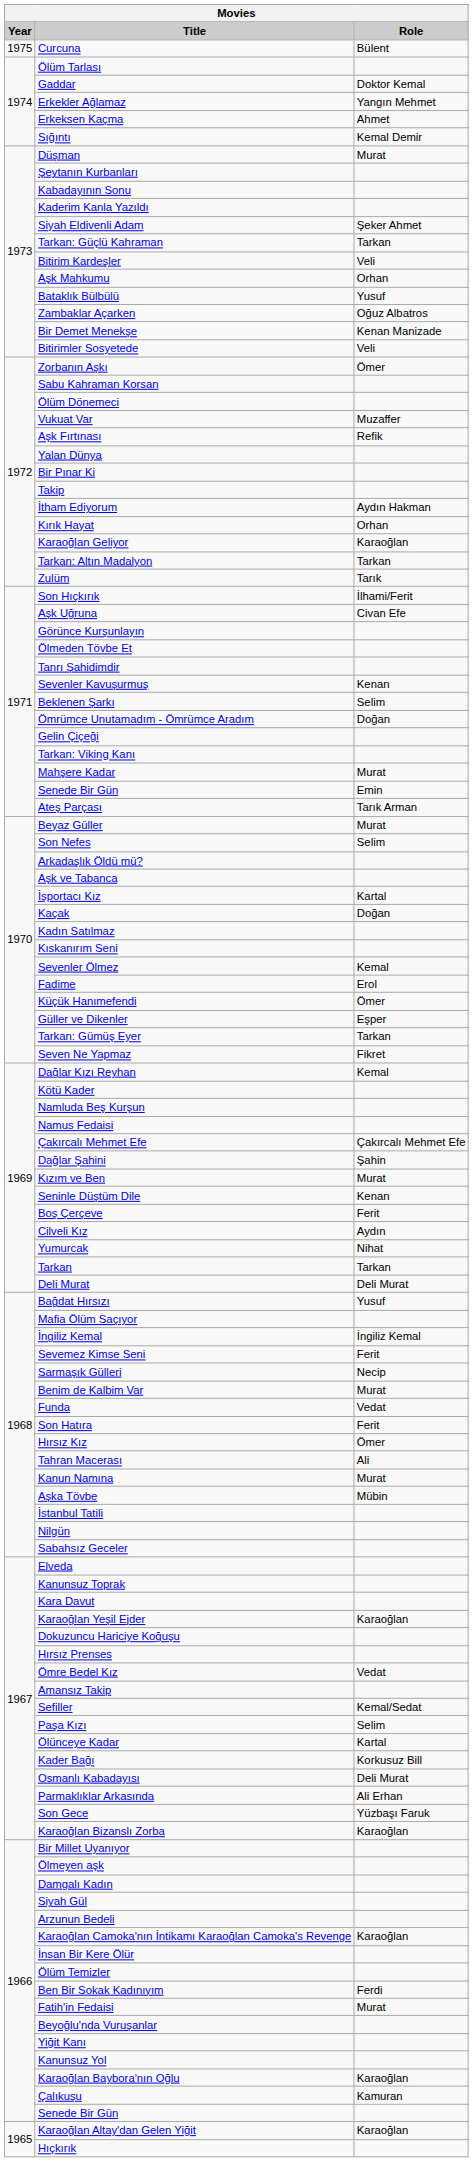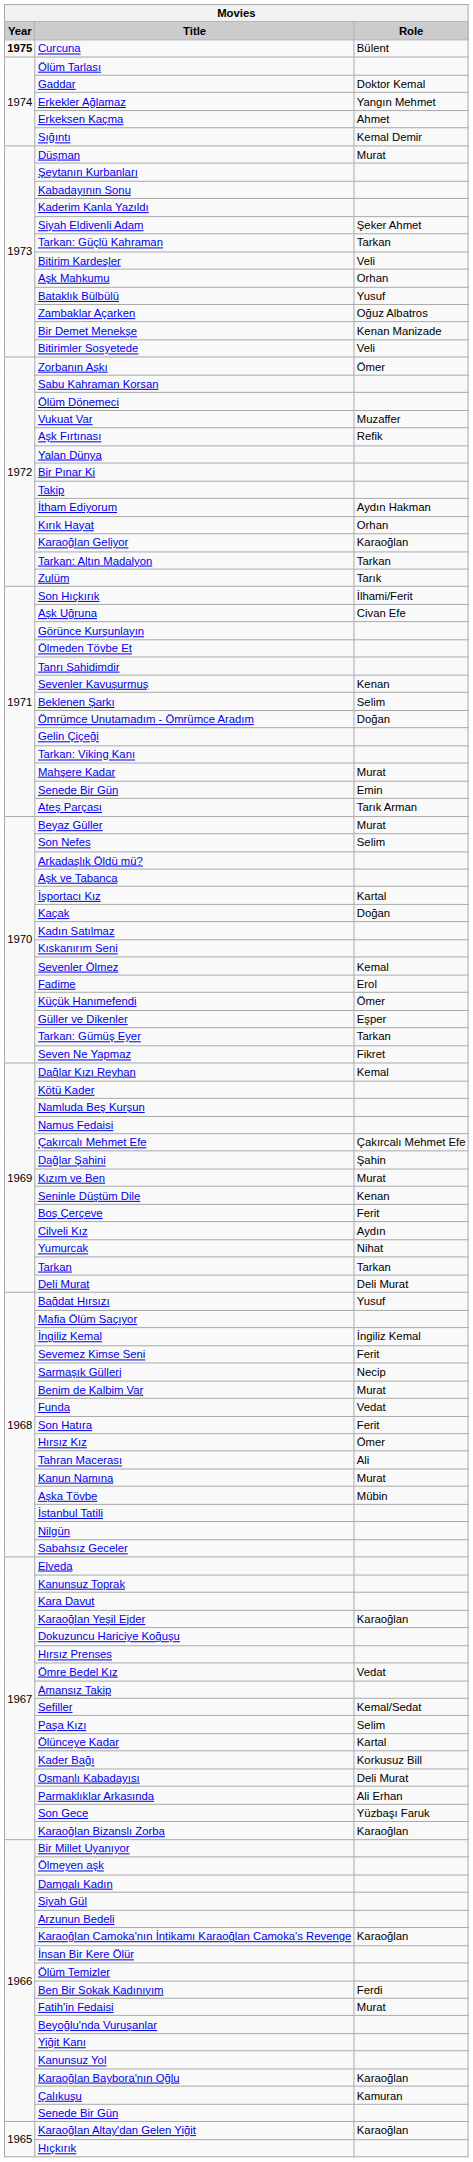 <table class="wikitable" style="font-size:70%">
 <tr>
 <th colspan="3" style="background:YellowSteelBlue">Movies</th>
 </tr>
 <tr>
 <th style="background:#CCCCCC">Year</th>
 <th style="background:#CCCCCC">Title</th>
 <th style="background:#CCCCCC">Role</th>
 </tr>
 <tr>
-<td>1975</td>
+<td><strong>1975</strong></td>
 <td><a href='#'>Curcuna</a></td>
 <td>Bülent</td>
 </tr>
 <tr>
 <td rowspan="5">1974</td>
 <td><a href='#'>Ölüm Tarlası</a></td>
 <td></td>
 </tr>
 <tr>
 <td><a href='#'>Gaddar</a></td>
 <td>Doktor Kemal</td>
 </tr>
 <tr>
 <td><a href='#'>Erkekler Ağlamaz</a></td>
 <td>Yangın Mehmet</td>
 </tr>
 <tr>
 <td><a href='#'>Erkeksen Kaçma</a></td>
 <td>Ahmet</td>
 </tr>
 <tr>
 <td><a href='#'>Sığıntı</a></td>
 <td>Kemal Demir</td>
 </tr>
 <tr>
 <td rowspan="12">1973</td>
 <td><a href='#'>Düşman</a></td>
 <td>Murat</td>
 </tr>
 <tr>
 <td><a href='#'>Şeytanın Kurbanları</a></td>
 <td></td>
 </tr>
 <tr>
 <td><a href='#'>Kabadayının Sonu</a></td>
 <td></td>
 </tr>
 <tr>
 <td><a href='#'>Kaderim Kanla Yazıldı</a></td>
 <td></td>
 </tr>
 <tr>
 <td><a href='#'>Siyah Eldivenli Adam</a></td>
 <td>Şeker Ahmet</td>
 </tr>
 <tr>
 <td><a href='#'>Tarkan: Güçlü Kahraman</a></td>
 <td>Tarkan</td>
 </tr>
 <tr>
 <td><a href='#'>Bitirim Kardeşler</a></td>
 <td>Veli</td>
 </tr>
 <tr>
 <td><a href='#'>Aşk Mahkumu</a></td>
 <td>Orhan</td>
 </tr>
 <tr>
 <td><a href='#'>Bataklık Bülbülü</a></td>
 <td>Yusuf</td>
 </tr>
 <tr>
 <td><a href='#'>Zambaklar Açarken</a></td>
 <td>Oğuz Albatros</td>
 </tr>
 <tr>
 <td><a href='#'>Bir Demet Menekşe</a></td>
 <td>Kenan Manizade</td>
 </tr>
 <tr>
 <td><a href='#'>Bitirimler Sosyetede</a></td>
 <td>Veli</td>
 </tr>
 <tr>
 <td rowspan="13">1972</td>
 <td><a href='#'>Zorbanın Aşkı</a></td>
 <td>Ömer</td>
 </tr>
 <tr>
 <td><a href='#'>Sabu Kahraman Korsan</a></td>
 <td></td>
 </tr>
 <tr>
 <td><a href='#'>Ölüm Dönemeci</a></td>
 <td></td>
 </tr>
 <tr>
 <td><a href='#'>Vukuat Var</a></td>
 <td>Muzaffer</td>
 </tr>
 <tr>
 <td><a href='#'>Aşk Fırtınası</a></td>
 <td>Refik</td>
 </tr>
 <tr>
 <td><a href='#'>Yalan Dünya</a></td>
 <td></td>
 </tr>
 <tr>
 <td><a href='#'>Bir Pınar Ki</a></td>
 <td></td>
 </tr>
 <tr>
 <td><a href='#'>Takip</a></td>
 <td></td>
 </tr>
 <tr>
 <td><a href='#'>İtham Ediyorum</a></td>
 <td>Aydın Hakman</td>
 </tr>
 <tr>
 <td><a href='#'>Kırık Hayat</a></td>
 <td>Orhan</td>
 </tr>
 <tr>
 <td><a href='#'>Karaoğlan Geliyor</a></td>
 <td>Karaoğlan</td>
 </tr>
 <tr>
 <td><a href='#'>Tarkan: Altın Madalyon</a></td>
 <td>Tarkan</td>
 </tr>
 <tr>
 <td><a href='#'>Zulüm</a></td>
 <td>Tarık</td>
 </tr>
 <tr>
 <td rowspan="13">1971</td>
 <td><a href='#'>Son Hıçkırık</a></td>
 <td>İlhami/Ferit</td>
 </tr>
 <tr>
 <td><a href='#'>Aşk Uğruna</a></td>
 <td>Civan Efe</td>
 </tr>
 <tr>
 <td><a href='#'>Görünce Kurşunlayın</a></td>
 <td></td>
 </tr>
 <tr>
 <td><a href='#'>Ölmeden Tövbe Et</a></td>
 <td></td>
 </tr>
 <tr>
 <td><a href='#'>Tanrı Şahidimdir</a></td>
 <td></td>
 </tr>
 <tr>
 <td><a href='#'>Sevenler Kavuşurmuş</a></td>
 <td>Kenan</td>
 </tr>
 <tr>
 <td><a href='#'>Beklenen Şarkı</a></td>
 <td>Selim</td>
 </tr>
 <tr>
 <td><a href='#'>Ömrümce Unutamadım - Ömrümce Aradım</a></td>
 <td>Doğan</td>
 </tr>
 <tr>
 <td><a href='#'>Gelin Çiçeği</a></td>
 <td></td>
 </tr>
 <tr>
 <td><a href='#'>Tarkan: Viking Kanı</a></td>
 <td></td>
 </tr>
 <tr>
 <td><a href='#'>Mahşere Kadar</a></td>
 <td>Murat</td>
 </tr>
 <tr>
 <td><a href='#'>Senede Bir Gün</a></td>
 <td>Emin</td>
 </tr>
 <tr>
 <td><a href='#'>Ateş Parçası</a></td>
 <td>Tarık Arman</td>
 </tr>
 <tr>
 <td rowspan="14">1970</td>
 <td><a href='#'>Beyaz Güller</a></td>
 <td>Murat</td>
 </tr>
 <tr>
 <td><a href='#'>Son Nefes</a></td>
 <td>Selim</td>
 </tr>
 <tr>
 <td><a href='#'>Arkadaşlık Öldü mü?</a></td>
 <td></td>
 </tr>
 <tr>
 <td><a href='#'>Aşk ve Tabanca</a></td>
 <td></td>
 </tr>
 <tr>
 <td><a href='#'>İşportacı Kız</a></td>
 <td>Kartal</td>
 </tr>
 <tr>
 <td><a href='#'>Kaçak</a></td>
 <td>Doğan</td>
 </tr>
 <tr>
 <td><a href='#'>Kadın Satılmaz</a></td>
 <td></td>
 </tr>
 <tr>
 <td><a href='#'>Kıskanırım Seni</a></td>
 <td></td>
 </tr>
 <tr>
 <td><a href='#'>Sevenler Ölmez</a></td>
 <td>Kemal</td>
 </tr>
 <tr>
 <td><a href='#'>Fadime</a></td>
 <td>Erol</td>
 </tr>
 <tr>
 <td><a href='#'>Küçük Hanımefendi</a></td>
 <td>Ömer</td>
 </tr>
 <tr>
 <td><a href='#'>Güller ve Dikenler</a></td>
 <td>Eşper</td>
 </tr>
 <tr>
 <td><a href='#'>Tarkan: Gümüş Eyer</a></td>
 <td>Tarkan</td>
 </tr>
 <tr>
 <td><a href='#'>Seven Ne Yapmaz</a></td>
 <td>Fikret</td>
 </tr>
 <tr>
 <td rowspan="13">1969</td>
 <td><a href='#'>Dağlar Kızı Reyhan</a></td>
 <td>Kemal</td>
 </tr>
 <tr>
 <td><a href='#'>Kötü Kader</a></td>
 <td></td>
 </tr>
 <tr>
 <td><a href='#'>Namluda Beş Kurşun</a></td>
 <td></td>
 </tr>
 <tr>
 <td><a href='#'>Namus Fedaisi</a></td>
 <td></td>
 </tr>
 <tr>
 <td><a href='#'>Çakırcalı Mehmet Efe</a></td>
 <td>Çakırcalı Mehmet Efe</td>
 </tr>
 <tr>
 <td><a href='#'>Dağlar Şahini</a></td>
 <td>Şahin</td>
 </tr>
 <tr>
 <td><a href='#'>Kızım ve Ben</a></td>
 <td>Murat</td>
 </tr>
 <tr>
 <td><a href='#'>Seninle Düştüm Dile</a></td>
 <td>Kenan</td>
 </tr>
 <tr>
 <td><a href='#'>Boş Çerçeve</a></td>
 <td>Ferit</td>
 </tr>
 <tr>
 <td><a href='#'>Cilveli Kız</a></td>
 <td>Aydın</td>
 </tr>
 <tr>
 <td><a href='#'>Yumurcak</a></td>
 <td>Nihat</td>
 </tr>
 <tr>
 <td><a href='#'>Tarkan</a></td>
 <td>Tarkan</td>
 </tr>
 <tr>
 <td><a href='#'>Deli Murat</a></td>
 <td>Deli Murat</td>
 </tr>
 <tr>
 <td rowspan="15">1968</td>
 <td><a href='#'>Bağdat Hırsızı</a></td>
 <td>Yusuf</td>
 </tr>
 <tr>
 <td><a href='#'>Mafia Ölüm Saçıyor</a></td>
 <td></td>
 </tr>
 <tr>
 <td><a href='#'>İngiliz Kemal</a></td>
 <td>İngiliz Kemal</td>
 </tr>
 <tr>
 <td><a href='#'>Sevemez Kimse Seni</a></td>
 <td>Ferit</td>
 </tr>
 <tr>
 <td><a href='#'>Sarmaşık Gülleri</a></td>
 <td>Necip</td>
 </tr>
 <tr>
 <td><a href='#'>Benim de Kalbim Var</a></td>
 <td>Murat</td>
 </tr>
 <tr>
 <td><a href='#'>Funda</a></td>
 <td>Vedat</td>
 </tr>
 <tr>
 <td><a href='#'>Son Hatıra</a></td>
 <td>Ferit</td>
 </tr>
 <tr>
 <td><a href='#'>Hırsız Kız</a></td>
 <td>Ömer</td>
 </tr>
 <tr>
 <td><a href='#'>Tahran Macerası</a></td>
 <td>Ali</td>
 </tr>
 <tr>
 <td><a href='#'>Kanun Namına</a></td>
 <td>Murat</td>
 </tr>
 <tr>
 <td><a href='#'>Aşka Tövbe</a></td>
 <td>Mübin</td>
 </tr>
 <tr>
 <td><a href='#'>İstanbul Tatili</a></td>
 <td></td>
 </tr>
 <tr>
 <td><a href='#'>Nilgün</a></td>
 <td></td>
 </tr>
 <tr>
 <td><a href='#'>Sabahsız Geceler</a></td>
 <td></td>
 </tr>
 <tr>
 <td rowspan="16">1967</td>
 <td><a href='#'>Elveda</a></td>
 <td></td>
 </tr>
 <tr>
 <td><a href='#'>Kanunsuz Toprak</a></td>
 <td></td>
 </tr>
 <tr>
 <td><a href='#'>Kara Davut</a></td>
 <td></td>
 </tr>
 <tr>
 <td><a href='#'>Karaoğlan Yeşil Ejder</a></td>
 <td>Karaoğlan</td>
 </tr>
 <tr>
 <td><a href='#'>Dokuzuncu Hariciye Koğuşu</a></td>
 <td></td>
 </tr>
 <tr>
 <td><a href='#'>Hırsız Prenses</a></td>
 <td></td>
 </tr>
 <tr>
 <td><a href='#'>Ömre Bedel Kız</a></td>
 <td>Vedat</td>
 </tr>
 <tr>
 <td><a href='#'>Amansız Takip</a></td>
 <td></td>
 </tr>
 <tr>
 <td><a href='#'>Sefiller</a></td>
 <td>Kemal/Sedat</td>
 </tr>
 <tr>
 <td><a href='#'>Paşa Kızı</a></td>
 <td>Selim</td>
 </tr>
 <tr>
 <td><a href='#'>Ölünceye Kadar</a></td>
 <td>Kartal</td>
 </tr>
 <tr>
 <td><a href='#'>Kader Bağı</a></td>
 <td>Korkusuz Bill</td>
 </tr>
 <tr>
 <td><a href='#'>Osmanlı Kabadayısı</a></td>
 <td>Deli Murat</td>
 </tr>
 <tr>
 <td><a href='#'>Parmaklıklar Arkasında</a></td>
 <td>Ali Erhan</td>
 </tr>
 <tr>
 <td><a href='#'>Son Gece</a></td>
 <td>Yüzbaşı Faruk</td>
 </tr>
 <tr>
 <td><a href='#'>Karaoğlan Bizanslı Zorba</a></td>
 <td>Karaoğlan</td>
 </tr>
 <tr>
 <td rowspan="16">1966</td>
 <td><a href='#'>Bir Millet Uyanıyor</a></td>
 <td></td>
 </tr>
 <tr>
 <td><a href='#'>Ölmeyen aşk</a></td>
 <td></td>
 </tr>
 <tr>
 <td><a href='#'>Damgalı Kadın</a></td>
 <td></td>
 </tr>
 <tr>
 <td><a href='#'>Siyah Gül</a></td>
 <td></td>
 </tr>
 <tr>
 <td><a href='#'>Arzunun Bedeli</a></td>
 <td></td>
 </tr>
 <tr>
 <td><a href='#'>Karaoğlan Camoka'nın İntikamı Karaoğlan Camoka's Revenge</a></td>
 <td>Karaoğlan</td>
 </tr>
 <tr>
 <td><a href='#'>İnsan Bir Kere Ölür</a></td>
 <td></td>
 </tr>
 <tr>
 <td><a href='#'>Ölüm Temizler</a></td>
 <td></td>
 </tr>
 <tr>
 <td><a href='#'>Ben Bir Sokak Kadınıyım</a></td>
 <td>Ferdi</td>
 </tr>
 <tr>
 <td><a href='#'>Fatih'in Fedaisi</a></td>
 <td>Murat</td>
 </tr>
 <tr>
 <td><a href='#'>Beyoğlu'nda Vuruşanlar</a></td>
 <td></td>
 </tr>
 <tr>
 <td><a href='#'>Yiğit Kanı</a></td>
 <td></td>
 </tr>
 <tr>
 <td><a href='#'>Kanunsuz Yol</a></td>
 <td></td>
 </tr>
 <tr>
 <td><a href='#'>Karaoğlan Baybora'nın Oğlu</a></td>
 <td>Karaoğlan</td>
 </tr>
 <tr>
 <td><a href='#'>Çalıkuşu</a></td>
 <td>Kamuran</td>
 </tr>
 <tr>
 <td><a href='#'>Senede Bir Gün</a></td>
 <td></td>
 </tr>
 <tr>
 <td rowspan="2">1965</td>
 <td><a href='#'>Karaoğlan Altay'dan Gelen Yiğit</a></td>
 <td>Karaoğlan</td>
 </tr>
 <tr>
 <td><a href='#'>Hıçkırık</a></td>
 <td></td>
 </tr>
 </table>
